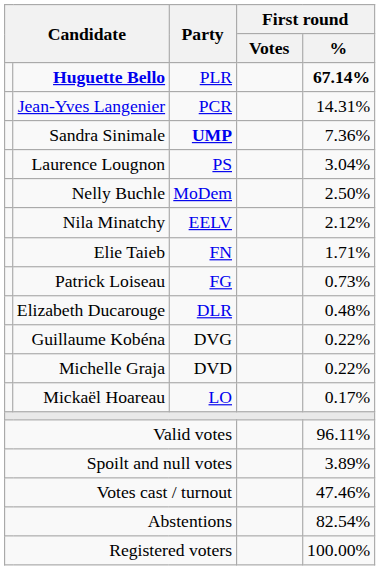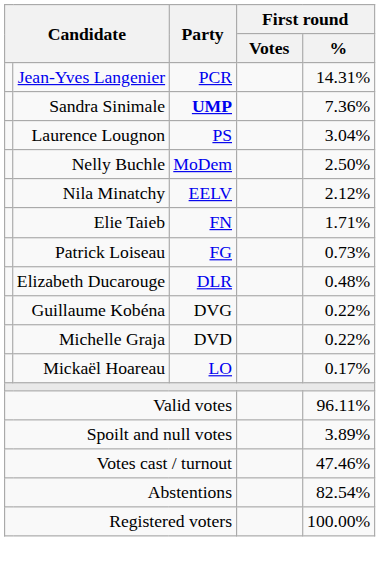 <table class="wikitable" style="text-align:right;font-size:95%;">
 <tr>
 <th rowspan=2 colspan=2>Candidate</th>
 <th rowspan=2 colspan=1>Party</th>
 <th colspan=2>First round</th>
 </tr>
 <tr>
 <th style="width:50px;">Votes</th>
 <th style="width:55px;">%</th>
-</tr>
-<tr>
-<td style="color:inherit;background-color:"></td>
-<td><strong><a href='#'>Huguette Bello</a></strong></td>
-<td><a href='#'>PLR</a></td>
-<td><strong></strong></td>
-<td><strong>67.14%</strong></td>
 </tr>
 <tr>
 <td style="color:inherit;background-color:"></td>
 <td><a href='#'>Jean-Yves Langenier</a></td>
 <td><a href='#'>PCR</a></td>
 <td></td>
 <td>14.31%</td>
 </tr>
 <tr>
 <td style="color:inherit;background-color:"></td>
 <td>Sandra Sinimale</td>
 <td><strong><a href='#'>UMP</a></strong></td>
 <td></td>
 <td>7.36%</td>
 </tr>
 <tr>
 <td style="color:inherit;background-color:"></td>
 <td>Laurence Lougnon</td>
 <td><a href='#'>PS</a></td>
 <td></td>
 <td>3.04%</td>
 </tr>
 <tr>
 <td style="color:inherit;background-color:"></td>
 <td>Nelly Buchle</td>
 <td><a href='#'>MoDem</a></td>
 <td></td>
 <td>2.50%</td>
 </tr>
 <tr>
 <td style="color:inherit;background-color:"></td>
 <td>Nila Minatchy</td>
 <td><a href='#'>EELV</a></td>
 <td></td>
 <td>2.12%</td>
 </tr>
 <tr>
 <td style="color:inherit;background-color:"></td>
 <td>Elie Taieb</td>
 <td><a href='#'>FN</a></td>
 <td></td>
 <td>1.71%</td>
 </tr>
 <tr>
 <td style="color:inherit;background-color:"></td>
 <td>Patrick Loiseau</td>
 <td><a href='#'>FG</a></td>
 <td></td>
 <td>0.73%</td>
 </tr>
 <tr>
 <td style="color:inherit;background-color:"></td>
 <td>Elizabeth Ducarouge</td>
 <td><a href='#'>DLR</a></td>
 <td></td>
 <td>0.48%</td>
 </tr>
 <tr>
 <td style="background-color:;"></td>
 <td>Guillaume Kobéna</td>
 <td>DVG</td>
 <td></td>
 <td>0.22%</td>
 </tr>
 <tr>
 <td style="background-color:;"></td>
 <td>Michelle Graja</td>
 <td>DVD</td>
 <td></td>
 <td>0.22%</td>
 </tr>
 <tr>
 <td style="color:inherit;background-color:"></td>
 <td>Mickaël Hoareau</td>
 <td><a href='#'>LO</a></td>
 <td></td>
 <td>0.17%</td>
 </tr>
 <tr>
 <td colspan=5 style="background-color:#E9E9E9;"></td>
 </tr>
 <tr>
 <td colspan=3>Valid votes</td>
 <td></td>
 <td>96.11%</td>
 </tr>
 <tr>
 <td colspan=3>Spoilt and null votes</td>
 <td></td>
 <td>3.89%</td>
 </tr>
 <tr>
 <td colspan=3>Votes cast / turnout</td>
 <td></td>
 <td>47.46%</td>
 </tr>
 <tr>
 <td colspan=3>Abstentions</td>
 <td></td>
 <td>82.54%</td>
 </tr>
 <tr>
 <td colspan=3>Registered voters</td>
 <td></td>
 <td>100.00%</td>
 </tr>
 </table>
